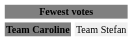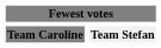 <table cellpadding=2 cellspacing=6>
 <tr bgcolor=#808080>
 <td colspan="3" align="center"><strong>Fewest votes</strong></td>
 </tr>
 <tr>
 <td bgcolor="#808080"><strong>Team Caroline</strong></td>
-<td bgcolor="#F0F0F0">Team Stefan</td>
+<td bgcolor="#F0F0F0"><strong>Team Stefan</strong></td>
 </tr>
 </table>
